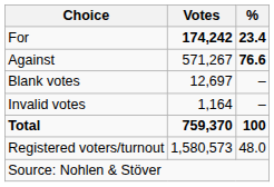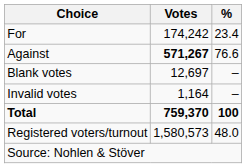 <table class=wikitable style=text-align:right>
 <tr>
 <th>Choice</th>
 <th>Votes</th>
 <th>%</th>
 </tr>
 <tr>
 <td align=left>For</td>
-<td><strong>174,242</strong></td>
-<td><strong>23.4</strong></td>
+<td>174,242</td>
+<td>23.4</td>
 </tr>
 <tr>
 <td align=left>Against</td>
-<td>571,267</td>
-<td><strong>76.6</strong></td>
+<td><strong>571,267</strong></td>
+<td>76.6</td>
 </tr>
 <tr>
 <td align=left>Blank votes</td>
 <td>12,697</td>
 <td>–</td>
 </tr>
 <tr>
 <td align=left>Invalid votes</td>
 <td>1,164</td>
 <td>–</td>
 </tr>
 <tr>
 <td align=left><strong>Total</strong></td>
 <td><strong>759,370</strong></td>
 <td><strong>100</strong></td>
 </tr>
 <tr>
 <td align=left>Registered voters/turnout</td>
 <td>1,580,573</td>
 <td>48.0</td>
 </tr>
 <tr>
 <td align=left colspan=3>Source: Nohlen & Stöver</td>
 </tr>
 </table>
